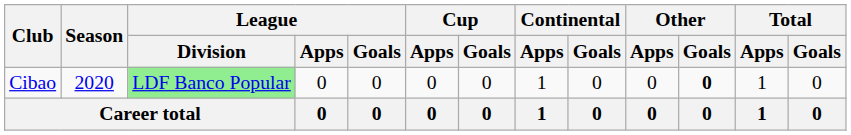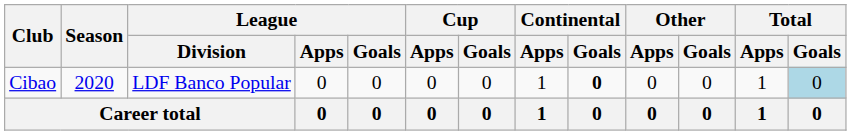 <table class="wikitable" style="text-align: center">
 <tr>
 <th rowspan="2">Club</th>
 <th rowspan="2">Season</th>
 <th colspan="3">League</th>
 <th colspan="2">Cup</th>
 <th colspan="2">Continental</th>
 <th colspan="2">Other</th>
 <th colspan="2">Total</th>
 </tr>
 <tr>
 <th>Division</th>
 <th>Apps</th>
 <th>Goals</th>
 <th>Apps</th>
 <th>Goals</th>
 <th>Apps</th>
 <th>Goals</th>
 <th>Apps</th>
 <th>Goals</th>
 <th>Apps</th>
 <th>Goals</th>
 </tr>
 <tr>
 <td><a href='#'>Cibao</a></td>
 <td><a href='#'>2020</a></td>
-<td style="background: lightgreen;"><a href='#'>LDF Banco Popular</a></td>
+<td><a href='#'>LDF Banco Popular</a></td>
 <td>0</td>
 <td>0</td>
 <td>0</td>
 <td>0</td>
 <td>1</td>
+<td><strong>0</strong></td>
 <td>0</td>
 <td>0</td>
-<td><strong>0</strong></td>
 <td>1</td>
-<td>0</td>
+<td style="background: lightblue;">0</td>
 </tr>
 <tr>
 <th colspan="3"><strong>Career total</strong></th>
 <th>0</th>
 <th>0</th>
 <th>0</th>
 <th>0</th>
 <th>1</th>
 <th>0</th>
 <th>0</th>
 <th>0</th>
 <th>1</th>
 <th>0</th>
 </tr>
 </table>
